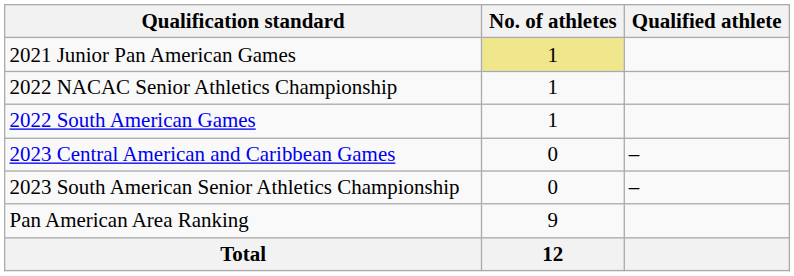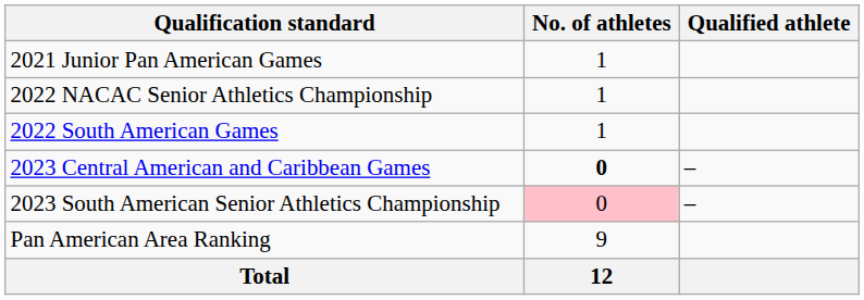 <table class="wikitable" style="text-align:left; width:600px;">
 <tr>
 <th>Qualification standard</th>
 <th>No. of athletes</th>
 <th>Qualified athlete</th>
 </tr>
 <tr>
 <td>2021 Junior Pan American Games</td>
-<td align=center style="background: khaki;">1</td>
+<td align=center>1</td>
 <td></td>
 </tr>
 <tr>
 <td>2022 NACAC Senior Athletics Championship</td>
 <td align=center>1</td>
 <td></td>
 </tr>
 <tr>
 <td><a href='#'>2022 South American Games</a></td>
 <td align=center>1</td>
 <td></td>
 </tr>
 <tr>
 <td><a href='#'>2023 Central American and Caribbean Games</a></td>
-<td align=center>0</td>
+<td align=center><strong>0</strong></td>
 <td>–</td>
 </tr>
 <tr>
 <td>2023 South American Senior Athletics Championship</td>
-<td align=center>0</td>
+<td align=center style="background: pink;">0</td>
 <td>–</td>
 </tr>
 <tr>
 <td>Pan American Area Ranking</td>
 <td align=center>9</td>
 <td></td>
 </tr>
 <tr>
 <th>Total</th>
 <th>12</th>
 <th colspan=2></th>
 </tr>
 </table>
